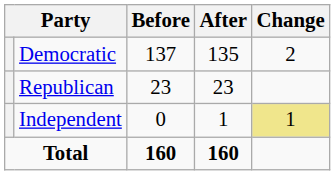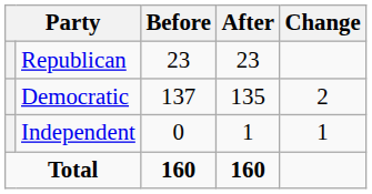 <table class="wikitable" style="text-align:center;">
 <tr>
 <th colspan="2">Party</th>
 <th>Before</th>
 <th>After</th>
 <th>Change</th>
+</tr>
+<tr>
+<th style="background-color:"></th>
+<td style="text-align:left;"><a href='#'>Republican</a></td>
+<td>23</td>
+<td>23</td>
+<td></td>
 </tr>
 <tr>
 <th style="background-color:"></th>
 <td style="text-align:left;"><a href='#'>Democratic</a></td>
 <td>137</td>
 <td>135</td>
 <td> 2</td>
 </tr>
 <tr>
 <th style="background-color:"></th>
-<td style="text-align:left;"><a href='#'>Republican</a></td>
-<td>23</td>
-<td>23</td>
-<td></td>
-</tr>
-<tr>
-<th style="background-color:"></th>
 <td style="text-align:left;"><a href='#'>Independent</a></td>
 <td>0</td>
 <td>1</td>
-<td style="background: khaki;"> 1</td>
+<td> 1</td>
 </tr>
 <tr>
 <td colspan="2"><strong>Total</strong></td>
 <td><strong>160</strong></td>
 <td><strong>160</strong></td>
 <td></td>
 </tr>
 </table>
